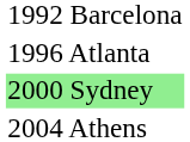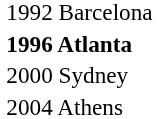 <table>
 <tr>
 <td>1992 Barcelona <br></td>
 <td></td>
 <td></td>
 <td></td>
 </tr>
 <tr>
-<td>1996 Atlanta <br></td>
+<td><strong>1996 Atlanta <br></strong></td>
 <td></td>
 <td></td>
 <td></td>
 </tr>
 <tr>
-<td style="background: lightgreen;">2000 Sydney <br></td>
+<td>2000 Sydney <br></td>
 <td></td>
 <td></td>
 <td></td>
 </tr>
 <tr>
 <td>2004 Athens <br></td>
 <td></td>
 <td></td>
 <td></td>
 </tr>
 </table>
